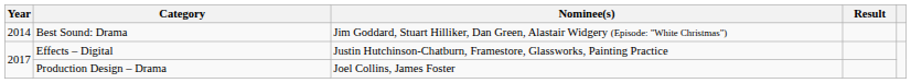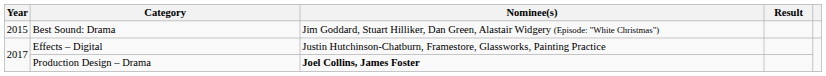 <table class="wikitable sortable" style="width:98%; summary:Black Mirror won one of three awards.">
 <tr>
 <th scope="col" style="width:3%;">Year</th>
 <th scope="col" style="width:33%;">Category</th>
 <th>Nominee(s)</th>
 <th scope="col" style="width:6%;">Result</th>
 <th scope="col" class="unsortable" style="width:1%;"></th>
 </tr>
 <tr>
-<td style="text-align: center;">2014</td>
+<td style="text-align: center;">2015</td>
 <td>Best Sound: Drama</td>
 <td>Jim Goddard, Stuart Hilliker, Dan Green, Alastair Widgery <small>(Episode: "White Christmas")</small></td>
 <td></td>
 <td align="center"></td>
 </tr>
 <tr>
 <td style="text-align: center;" rowspan="2">2017</td>
 <td>Effects – Digital</td>
 <td>Justin Hutchinson-Chatburn, Framestore, Glassworks, Painting Practice </td>
 <td></td>
 <td align="center" rowspan="2"></td>
 </tr>
 <tr>
 <td>Production Design – Drama</td>
-<td>Joel Collins, James Foster </td>
+<td><strong>Joel Collins, James Foster </strong></td>
 <td></td>
 </tr>
 </table>
